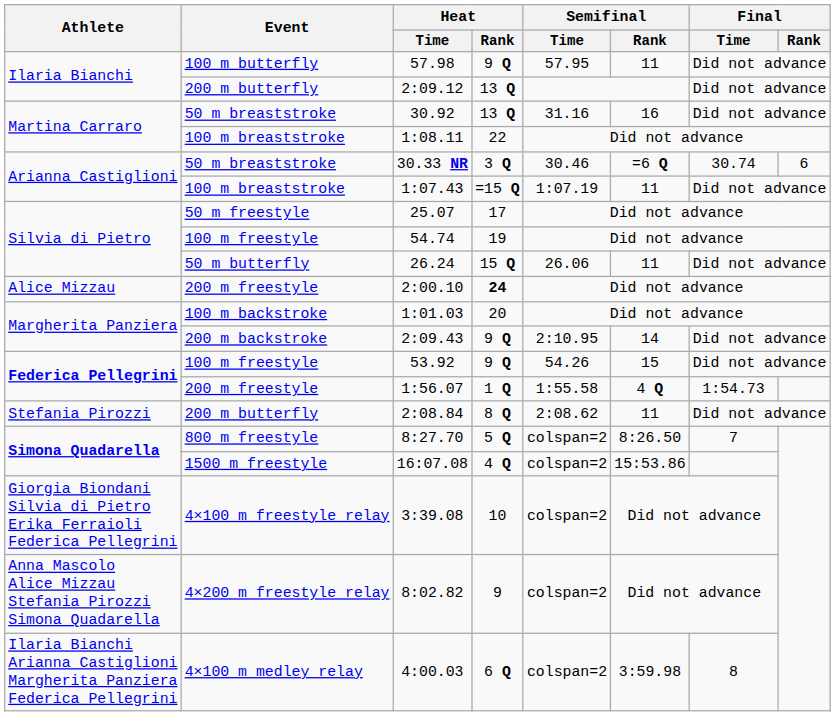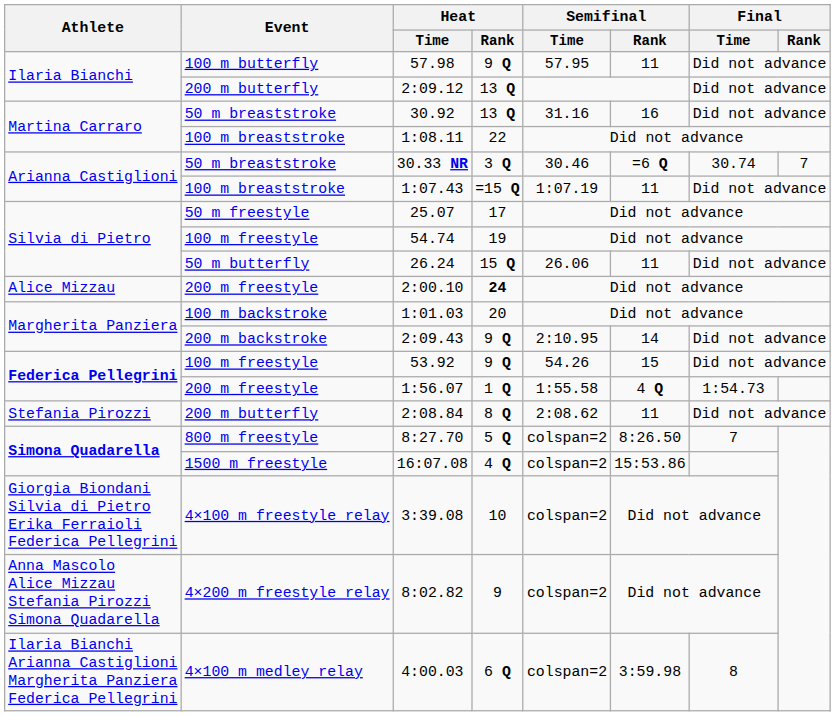 <table class=wikitable style="font-size:90%">
 <tr>
 <th rowspan="2">Athlete</th>
 <th rowspan="2">Event</th>
 <th colspan="2">Heat</th>
 <th colspan="2">Semifinal</th>
 <th colspan="2">Final</th>
 </tr>
 <tr style="font-size:95%">
 <th>Time</th>
 <th>Rank</th>
 <th>Time</th>
 <th>Rank</th>
 <th>Time</th>
 <th>Rank</th>
 </tr>
 <tr align=center>
 <td align=left rowspan=2><a href='#'>Ilaria Bianchi</a></td>
 <td align=left><a href='#'>100 m butterfly</a></td>
 <td>57.98</td>
 <td>9 <strong>Q</strong></td>
 <td>57.95</td>
 <td>11</td>
 <td colspan=2>Did not advance</td>
 </tr>
 <tr align=center>
 <td align=left><a href='#'>200 m butterfly</a></td>
 <td>2:09.12</td>
 <td>13 <strong>Q</strong></td>
 <td colspan=2></td>
 <td colspan=2>Did not advance</td>
 </tr>
 <tr align=center>
 <td align=left rowspan=2><a href='#'>Martina Carraro</a></td>
 <td align=left><a href='#'>50 m breaststroke</a></td>
 <td>30.92</td>
 <td>13 <strong>Q</strong></td>
 <td>31.16</td>
 <td>16</td>
 <td colspan="2">Did not advance</td>
 </tr>
 <tr align=center>
 <td align=left><a href='#'>100 m breaststroke</a></td>
 <td>1:08.11</td>
 <td>22</td>
 <td colspan=4>Did not advance</td>
 </tr>
 <tr align=center>
 <td align=left rowspan=2><a href='#'>Arianna Castiglioni</a></td>
 <td align=left><a href='#'>50 m breaststroke</a></td>
 <td>30.33 <strong><a href='#'>NR</a></strong></td>
 <td>3 <strong>Q</strong></td>
 <td>30.46</td>
 <td>=6 <strong>Q</strong></td>
 <td>30.74</td>
-<td>6</td>
+<td>7</td>
 </tr>
 <tr align=center>
 <td align=left><a href='#'>100 m breaststroke</a></td>
 <td>1:07.43</td>
 <td>=15 <strong>Q</strong></td>
 <td>1:07.19</td>
 <td>11</td>
 <td colspan=2>Did not advance</td>
 </tr>
 <tr align=center>
 <td align=left rowspan=3><a href='#'>Silvia di Pietro</a></td>
 <td align=left><a href='#'>50 m freestyle</a></td>
 <td>25.07</td>
 <td>17</td>
 <td colspan="4">Did not advance</td>
 </tr>
 <tr align=center>
 <td align=left><a href='#'>100 m freestyle</a></td>
 <td>54.74</td>
 <td>19</td>
 <td colspan=4>Did not advance</td>
 </tr>
 <tr align=center>
 <td align=left><a href='#'>50 m butterfly</a></td>
 <td>26.24</td>
 <td>15 <strong>Q</strong></td>
 <td>26.06</td>
 <td>11</td>
 <td colspan=2>Did not advance</td>
 </tr>
 <tr align=center>
 <td align=left><a href='#'>Alice Mizzau</a></td>
 <td align=left><a href='#'>200 m freestyle</a></td>
 <td>2:00.10</td>
 <td><strong>24</strong></td>
 <td colspan=4>Did not advance</td>
 </tr>
 <tr align=center>
 <td align=left rowspan=2><a href='#'>Margherita Panziera</a></td>
 <td align=left><a href='#'>100 m backstroke</a></td>
 <td>1:01.03</td>
 <td>20</td>
 <td colspan=4>Did not advance</td>
 </tr>
 <tr align=center>
 <td align=left><a href='#'>200 m backstroke</a></td>
 <td>2:09.43</td>
 <td>9 <strong>Q</strong></td>
 <td>2:10.95</td>
 <td>14</td>
 <td colspan=2>Did not advance</td>
 </tr>
 <tr align=center>
 <td align=left rowspan=2><strong><a href='#'>Federica Pellegrini</a></strong></td>
 <td align=left><a href='#'>100 m freestyle</a></td>
 <td>53.92</td>
 <td>9 <strong>Q</strong></td>
 <td>54.26</td>
 <td>15</td>
 <td colspan=2>Did not advance</td>
 </tr>
 <tr align=center>
 <td align=left><a href='#'>200 m freestyle</a></td>
 <td>1:56.07</td>
 <td>1 <strong>Q</strong></td>
 <td>1:55.58</td>
 <td>4 <strong>Q</strong></td>
 <td>1:54.73</td>
 <td></td>
 </tr>
 <tr align=center>
 <td align=left><a href='#'>Stefania Pirozzi</a></td>
 <td align=left><a href='#'>200 m butterfly</a></td>
 <td>2:08.84</td>
 <td>8 <strong>Q</strong></td>
 <td>2:08.62</td>
 <td>11</td>
 <td colspan=2>Did not advance</td>
 </tr>
 <tr align=center>
 <td align=left rowspan=2><strong><a href='#'>Simona Quadarella</a></strong></td>
 <td align=left><a href='#'>800 m freestyle</a></td>
 <td>8:27.70</td>
 <td>5 <strong>Q</strong></td>
 <td>colspan=2 </td>
 <td>8:26.50</td>
 <td>7</td>
 </tr>
 <tr align=center>
 <td align=left><a href='#'>1500 m freestyle</a></td>
 <td>16:07.08</td>
 <td>4 <strong>Q</strong></td>
 <td>colspan=2 </td>
 <td>15:53.86</td>
 <td></td>
 </tr>
 <tr align=center>
 <td align=left><a href='#'>Giorgia Biondani</a><br><a href='#'>Silvia di Pietro</a><br><a href='#'>Erika Ferraioli</a><br><a href='#'>Federica Pellegrini</a></td>
 <td align=left><a href='#'>4×100 m freestyle relay</a></td>
 <td>3:39.08</td>
 <td>10</td>
 <td>colspan=2 </td>
 <td colspan=2>Did not advance</td>
 </tr>
 <tr align=center>
 <td align=left><a href='#'>Anna Mascolo</a><br><a href='#'>Alice Mizzau</a><br><a href='#'>Stefania Pirozzi</a><br><a href='#'>Simona Quadarella</a></td>
 <td align=left><a href='#'>4×200 m freestyle relay</a></td>
 <td>8:02.82</td>
 <td>9</td>
 <td>colspan=2 </td>
 <td colspan=2>Did not advance</td>
 </tr>
 <tr align=center>
 <td align=left><a href='#'>Ilaria Bianchi</a><br><a href='#'>Arianna Castiglioni</a><br><a href='#'>Margherita Panziera</a><br><a href='#'>Federica Pellegrini</a></td>
 <td align=left><a href='#'>4×100 m medley relay</a></td>
 <td>4:00.03</td>
 <td>6 <strong>Q</strong></td>
 <td>colspan=2 </td>
 <td>3:59.98</td>
 <td>8</td>
 </tr>
 </table>
